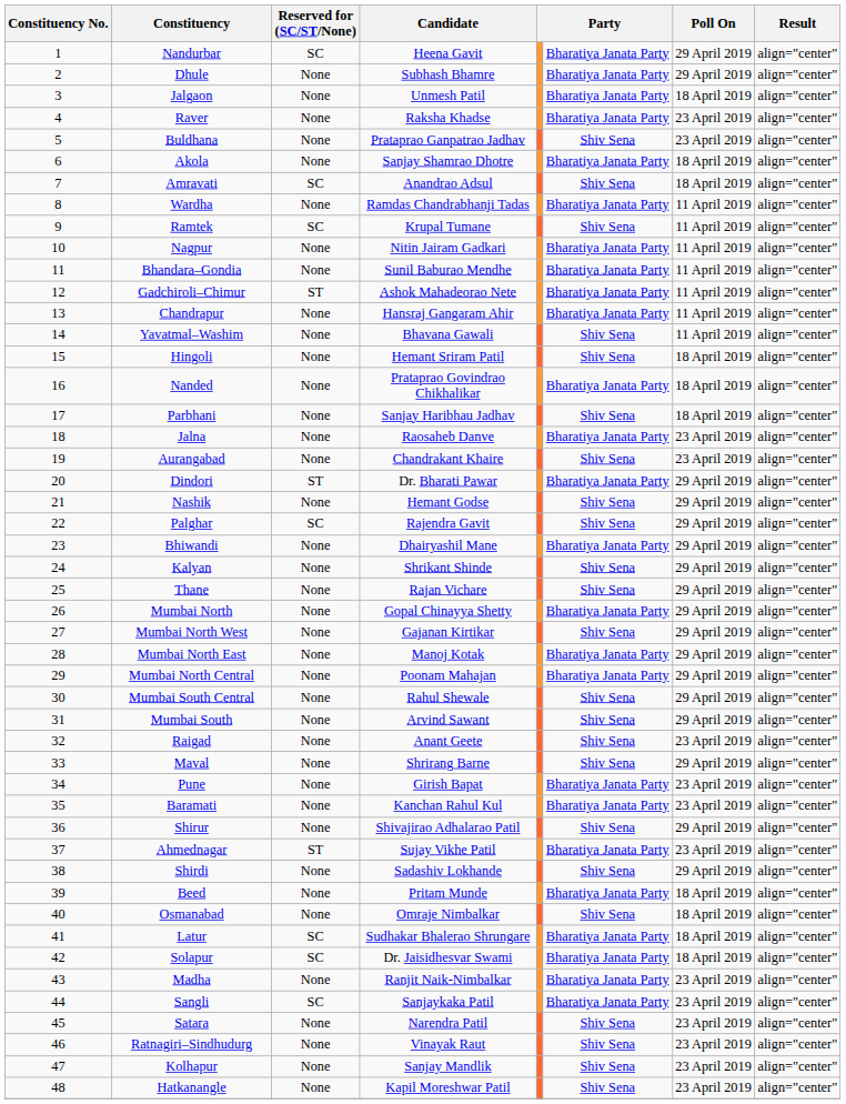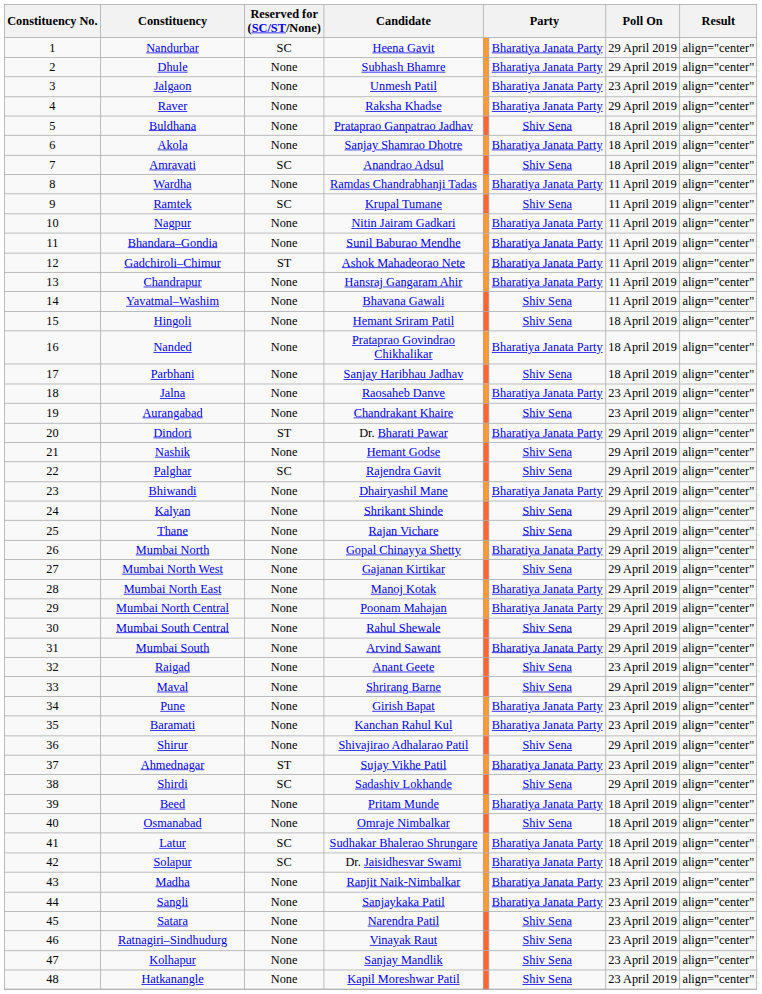 <table class="wikitable sortable" style="text-align:center;">
 <tr>
 <th>Constituency No.</th>
 <th style="width:180px;">Constituency</th>
 <th>Reserved for<br>(<a href='#'>SC/ST</a>/None)</th>
 <th style="width:200px;">Candidate</th>
 <th colspan="2">Party</th>
 <th>Poll On</th>
 <th>Result</th>
 </tr>
 <tr>
 <td align="center">1</td>
 <td><a href='#'>Nandurbar</a></td>
 <td align="center">SC</td>
 <td><a href='#'>Heena Gavit</a></td>
 <td bgcolor=#FF9933></td>
 <td><a href='#'>Bharatiya Janata Party</a></td>
 <td align="center">29 April 2019</td>
 <td>align="center" </td>
 </tr>
 <tr>
 <td align="center">2</td>
 <td><a href='#'>Dhule</a></td>
 <td align="center">None</td>
 <td><a href='#'>Subhash Bhamre</a></td>
 <td bgcolor=#FF9933></td>
 <td><a href='#'>Bharatiya Janata Party</a></td>
 <td align="center">29 April 2019</td>
 <td>align="center" </td>
 </tr>
 <tr>
 <td align="center">3</td>
 <td><a href='#'>Jalgaon</a></td>
 <td align="center">None</td>
 <td><a href='#'>Unmesh Patil</a></td>
 <td bgcolor=#FF9933></td>
 <td><a href='#'>Bharatiya Janata Party</a></td>
-<td align="center">18 April 2019</td>
+<td align="center">23 April 2019</td>
 <td>align="center" </td>
 </tr>
 <tr>
 <td align="center">4</td>
 <td><a href='#'>Raver</a></td>
 <td align="center">None</td>
 <td><a href='#'>Raksha Khadse</a></td>
 <td bgcolor=#FF9933></td>
 <td><a href='#'>Bharatiya Janata Party</a></td>
-<td align="center">23 April 2019</td>
+<td align="center">29 April 2019</td>
 <td>align="center" </td>
 </tr>
 <tr>
 <td align="center">5</td>
 <td><a href='#'>Buldhana</a></td>
 <td align="center">None</td>
 <td><a href='#'>Prataprao Ganpatrao Jadhav</a></td>
 <td bgcolor=#FF6634></td>
 <td><a href='#'>Shiv Sena</a></td>
-<td align="center">23 April 2019</td>
+<td align="center">18 April 2019</td>
 <td>align="center" </td>
 </tr>
 <tr>
 <td align="center">6</td>
 <td><a href='#'>Akola</a></td>
 <td align="center">None</td>
 <td><a href='#'>Sanjay Shamrao Dhotre</a></td>
 <td bgcolor=#FF9933></td>
 <td><a href='#'>Bharatiya Janata Party</a></td>
 <td align="center">18 April 2019</td>
 <td>align="center" </td>
 </tr>
 <tr>
 <td align="center">7</td>
 <td><a href='#'>Amravati</a></td>
 <td align="center">SC</td>
 <td><a href='#'>Anandrao Adsul</a></td>
 <td bgcolor=#FF6634></td>
 <td><a href='#'>Shiv Sena</a></td>
 <td align="center">18 April 2019</td>
 <td>align="center" </td>
 </tr>
 <tr>
 <td align="center">8</td>
 <td><a href='#'>Wardha</a></td>
 <td align="center">None</td>
 <td><a href='#'>Ramdas Chandrabhanji Tadas</a></td>
 <td bgcolor=#FF9933></td>
 <td><a href='#'>Bharatiya Janata Party</a></td>
 <td align="center">11 April 2019</td>
 <td>align="center" </td>
 </tr>
 <tr>
 <td align="center">9</td>
 <td><a href='#'>Ramtek</a></td>
 <td align="center">SC</td>
 <td><a href='#'>Krupal Tumane</a></td>
 <td bgcolor=#FF6634></td>
 <td><a href='#'>Shiv Sena</a></td>
 <td align="center">11 April 2019</td>
 <td>align="center" </td>
 </tr>
 <tr>
 <td align="center">10</td>
 <td><a href='#'>Nagpur</a></td>
 <td align="center">None</td>
 <td><a href='#'>Nitin Jairam Gadkari</a></td>
 <td bgcolor=#FF9933></td>
 <td><a href='#'>Bharatiya Janata Party</a></td>
 <td align="center">11 April 2019</td>
 <td>align="center" </td>
 </tr>
 <tr>
 <td align="center">11</td>
 <td><a href='#'>Bhandara–Gondia</a></td>
 <td align="center">None</td>
 <td><a href='#'>Sunil Baburao Mendhe</a></td>
 <td bgcolor=#FF9933></td>
 <td><a href='#'>Bharatiya Janata Party</a></td>
 <td align="center">11 April 2019</td>
 <td>align="center" </td>
 </tr>
 <tr>
 <td align="center">12</td>
 <td><a href='#'>Gadchiroli–Chimur</a></td>
 <td align="center">ST</td>
 <td><a href='#'>Ashok Mahadeorao Nete</a></td>
 <td bgcolor=#FF9933></td>
 <td><a href='#'>Bharatiya Janata Party</a></td>
 <td align="center">11 April 2019</td>
 <td>align="center" </td>
 </tr>
 <tr>
 <td align="center">13</td>
 <td><a href='#'>Chandrapur</a></td>
 <td align="center">None</td>
 <td><a href='#'>Hansraj Gangaram Ahir</a></td>
 <td bgcolor=#FF9933></td>
 <td><a href='#'>Bharatiya Janata Party</a></td>
 <td align="center">11 April 2019</td>
 <td>align="center" </td>
 </tr>
 <tr>
 <td align="center">14</td>
 <td><a href='#'>Yavatmal–Washim</a></td>
 <td align="center">None</td>
 <td><a href='#'>Bhavana Gawali</a></td>
 <td bgcolor=#FF6634></td>
 <td><a href='#'>Shiv Sena</a></td>
 <td align="center">11 April 2019</td>
 <td>align="center" </td>
 </tr>
 <tr>
 <td align="center">15</td>
 <td><a href='#'>Hingoli</a></td>
 <td align="center">None</td>
 <td><a href='#'>Hemant Sriram Patil</a></td>
 <td bgcolor=#FF6634></td>
 <td><a href='#'>Shiv Sena</a></td>
 <td align="center">18 April 2019</td>
 <td>align="center" </td>
 </tr>
 <tr>
 <td align="center">16</td>
 <td><a href='#'>Nanded</a></td>
 <td align="center">None</td>
 <td><a href='#'>Prataprao Govindrao Chikhalikar</a></td>
 <td bgcolor=#FF9933></td>
 <td><a href='#'>Bharatiya Janata Party</a></td>
 <td align="center">18 April 2019</td>
 <td>align="center" </td>
 </tr>
 <tr>
 <td align="center">17</td>
 <td><a href='#'>Parbhani</a></td>
 <td align="center">None</td>
 <td><a href='#'>Sanjay Haribhau Jadhav</a></td>
 <td bgcolor=#FF6634></td>
 <td><a href='#'>Shiv Sena</a></td>
 <td align="center">18 April 2019</td>
 <td>align="center" </td>
 </tr>
 <tr>
 <td align="center">18</td>
 <td><a href='#'>Jalna</a></td>
 <td align="center">None</td>
 <td><a href='#'>Raosaheb Danve</a></td>
 <td bgcolor=#FF9933></td>
 <td><a href='#'>Bharatiya Janata Party</a></td>
 <td align="center">23 April 2019</td>
 <td>align="center" </td>
 </tr>
 <tr>
 <td align="center">19</td>
 <td><a href='#'>Aurangabad</a></td>
 <td align="center">None</td>
 <td><a href='#'>Chandrakant Khaire</a></td>
 <td bgcolor=#FF6634></td>
 <td><a href='#'>Shiv Sena</a></td>
 <td align="center">23 April 2019</td>
 <td>align="center" </td>
 </tr>
 <tr>
 <td align="center">20</td>
 <td><a href='#'>Dindori</a></td>
 <td align="center">ST</td>
 <td>Dr. <a href='#'>Bharati Pawar</a></td>
 <td bgcolor=#FF9933></td>
 <td><a href='#'>Bharatiya Janata Party</a></td>
 <td align="center">29 April 2019</td>
 <td>align="center" </td>
 </tr>
 <tr>
 <td align="center">21</td>
 <td><a href='#'>Nashik</a></td>
 <td align="center">None</td>
 <td><a href='#'>Hemant Godse</a></td>
 <td bgcolor=#FF6634></td>
 <td><a href='#'>Shiv Sena</a></td>
 <td align="center">29 April 2019</td>
 <td>align="center" </td>
 </tr>
 <tr>
 <td align="center">22</td>
 <td><a href='#'>Palghar</a></td>
 <td align="center">SC</td>
 <td><a href='#'>Rajendra Gavit</a></td>
 <td bgcolor=#FF6634></td>
 <td><a href='#'>Shiv Sena</a></td>
 <td align="center">29 April 2019</td>
 <td>align="center" </td>
 </tr>
 <tr>
 <td align="center">23</td>
 <td><a href='#'>Bhiwandi</a></td>
 <td align="center">None</td>
 <td><a href='#'>Dhairyashil Mane</a></td>
 <td bgcolor=#FF9933></td>
 <td><a href='#'>Bharatiya Janata Party</a></td>
 <td align="center">29 April 2019</td>
 <td>align="center" </td>
 </tr>
 <tr>
 <td align="center">24</td>
 <td><a href='#'>Kalyan</a></td>
 <td align="center">None</td>
 <td><a href='#'>Shrikant Shinde</a></td>
 <td bgcolor=#FF6634></td>
 <td><a href='#'>Shiv Sena</a></td>
 <td align="center">29 April 2019</td>
 <td>align="center" </td>
 </tr>
 <tr>
 <td align="center">25</td>
 <td><a href='#'>Thane</a></td>
 <td align="center">None</td>
 <td><a href='#'>Rajan Vichare</a></td>
 <td bgcolor=#FF6634></td>
 <td><a href='#'>Shiv Sena</a></td>
 <td align="center">29 April 2019</td>
 <td>align="center" </td>
 </tr>
 <tr>
 <td align="center">26</td>
 <td><a href='#'>Mumbai North</a></td>
 <td align="center">None</td>
 <td><a href='#'>Gopal Chinayya Shetty</a></td>
 <td bgcolor=#FF9933></td>
 <td><a href='#'>Bharatiya Janata Party</a></td>
 <td align="center">29 April 2019</td>
 <td>align="center" </td>
 </tr>
 <tr>
 <td align="center">27</td>
 <td><a href='#'>Mumbai North West</a></td>
 <td align="center">None</td>
 <td><a href='#'>Gajanan Kirtikar</a></td>
 <td bgcolor=#FF6634></td>
 <td><a href='#'>Shiv Sena</a></td>
 <td align="center">29 April 2019</td>
 <td>align="center" </td>
 </tr>
 <tr>
 <td align="center">28</td>
 <td><a href='#'>Mumbai North East</a></td>
 <td align="center">None</td>
 <td><a href='#'>Manoj Kotak</a></td>
 <td bgcolor="#FF9933"></td>
 <td><a href='#'>Bharatiya Janata Party</a></td>
 <td align="center">29 April 2019</td>
 <td>align="center" </td>
 </tr>
 <tr>
 <td align="center">29</td>
 <td><a href='#'>Mumbai North Central</a></td>
 <td align="center">None</td>
 <td><a href='#'>Poonam Mahajan</a></td>
 <td bgcolor=#FF9933></td>
 <td><a href='#'>Bharatiya Janata Party</a></td>
 <td align="center">29 April 2019</td>
 <td>align="center" </td>
 </tr>
 <tr>
 <td align="center">30</td>
 <td><a href='#'>Mumbai South Central</a></td>
 <td align="center">None</td>
 <td><a href='#'>Rahul Shewale</a></td>
 <td bgcolor=#FF6634></td>
 <td><a href='#'>Shiv Sena</a></td>
 <td align="center">29 April 2019</td>
 <td>align="center" </td>
 </tr>
 <tr>
 <td align="center">31</td>
 <td><a href='#'>Mumbai South</a></td>
 <td align="center">None</td>
 <td><a href='#'>Arvind Sawant</a></td>
 <td bgcolor=#FF6634></td>
-<td><a href='#'>Shiv Sena</a></td>
+<td><a href='#'>Bharatiya Janata Party</a></td>
 <td align="center">29 April 2019</td>
 <td>align="center" </td>
 </tr>
 <tr>
 <td align="center">32</td>
 <td><a href='#'>Raigad</a></td>
 <td align="center">None</td>
 <td><a href='#'>Anant Geete</a></td>
 <td bgcolor=#FF6634></td>
 <td><a href='#'>Shiv Sena</a></td>
 <td align="center">23 April 2019</td>
 <td>align="center" </td>
 </tr>
 <tr>
 <td align="center">33</td>
 <td><a href='#'>Maval</a></td>
 <td align="center">None</td>
 <td><a href='#'>Shrirang Barne</a></td>
 <td bgcolor=#FF6634></td>
 <td><a href='#'>Shiv Sena</a></td>
 <td align="center">29 April 2019</td>
 <td>align="center" </td>
 </tr>
 <tr>
 <td align="center">34</td>
 <td><a href='#'>Pune</a></td>
 <td align="center">None</td>
 <td><a href='#'>Girish Bapat</a></td>
 <td bgcolor=#FF9933></td>
 <td><a href='#'>Bharatiya Janata Party</a></td>
 <td align="center">23 April 2019</td>
 <td>align="center" </td>
 </tr>
 <tr>
 <td align="center">35</td>
 <td><a href='#'>Baramati</a></td>
 <td align="center">None</td>
 <td><a href='#'>Kanchan Rahul Kul</a></td>
 <td bgcolor=#FF9933></td>
 <td><a href='#'>Bharatiya Janata Party</a></td>
 <td align="center">23 April 2019</td>
 <td>align="center" </td>
 </tr>
 <tr>
 <td align="center">36</td>
 <td><a href='#'>Shirur</a></td>
 <td align="center">None</td>
 <td><a href='#'>Shivajirao Adhalarao Patil</a></td>
 <td bgcolor=#FF6634></td>
 <td><a href='#'>Shiv Sena</a></td>
 <td align="center">29 April 2019</td>
 <td>align="center" </td>
 </tr>
 <tr>
 <td align="center">37</td>
 <td><a href='#'>Ahmednagar</a></td>
 <td align="center">ST</td>
 <td><a href='#'>Sujay Vikhe Patil</a></td>
 <td bgcolor=#FF9933></td>
 <td><a href='#'>Bharatiya Janata Party</a></td>
 <td align="center">23 April 2019</td>
 <td>align="center" </td>
 </tr>
 <tr>
 <td align="center">38</td>
 <td><a href='#'>Shirdi</a></td>
-<td align="center">None</td>
+<td align="center">SC</td>
 <td><a href='#'>Sadashiv Lokhande</a></td>
 <td bgcolor=#FF6634></td>
 <td><a href='#'>Shiv Sena</a></td>
 <td align="center">29 April 2019</td>
 <td>align="center" </td>
 </tr>
 <tr>
 <td align="center">39</td>
 <td><a href='#'>Beed</a></td>
 <td align="center">None</td>
 <td><a href='#'>Pritam Munde</a></td>
 <td bgcolor=#FF9933></td>
 <td><a href='#'>Bharatiya Janata Party</a></td>
 <td align="center">18 April 2019</td>
 <td>align="center" </td>
 </tr>
 <tr>
 <td align="center">40</td>
 <td><a href='#'>Osmanabad</a></td>
 <td align="center">None</td>
 <td><a href='#'>Omraje Nimbalkar</a></td>
 <td bgcolor=#FF6634></td>
 <td><a href='#'>Shiv Sena</a></td>
 <td align="center">18 April 2019</td>
 <td>align="center" </td>
 </tr>
 <tr>
 <td align="center">41</td>
 <td><a href='#'>Latur</a></td>
 <td align="center">SC</td>
 <td><a href='#'>Sudhakar Bhalerao Shrungare</a></td>
 <td bgcolor=#FF9933></td>
 <td><a href='#'>Bharatiya Janata Party</a></td>
 <td align="center">18 April 2019</td>
 <td>align="center" </td>
 </tr>
 <tr>
 <td align="center">42</td>
 <td><a href='#'>Solapur</a></td>
 <td align="center">SC</td>
 <td>Dr. <a href='#'>Jaisidhesvar Swami</a></td>
 <td bgcolor=#FF9933></td>
 <td><a href='#'>Bharatiya Janata Party</a></td>
 <td align="center">18 April 2019</td>
 <td>align="center" </td>
 </tr>
 <tr>
 <td align="center">43</td>
 <td><a href='#'>Madha</a></td>
 <td align="center">None</td>
 <td><a href='#'>Ranjit Naik-Nimbalkar</a></td>
 <td bgcolor="#FF9933"></td>
 <td><a href='#'>Bharatiya Janata Party</a></td>
 <td align="center">23 April 2019</td>
 <td>align="center" </td>
 </tr>
 <tr>
 <td align="center">44</td>
 <td><a href='#'>Sangli</a></td>
-<td align="center">SC</td>
+<td align="center">None</td>
 <td><a href='#'>Sanjaykaka Patil</a></td>
 <td bgcolor=#FF9933></td>
 <td><a href='#'>Bharatiya Janata Party</a></td>
 <td align="center">23 April 2019</td>
 <td>align="center" </td>
 </tr>
 <tr>
 <td align="center">45</td>
 <td><a href='#'>Satara</a></td>
 <td align="center">None</td>
 <td><a href='#'>Narendra Patil</a></td>
 <td bgcolor=#FF6634></td>
 <td><a href='#'>Shiv Sena</a></td>
 <td align="center">23 April 2019</td>
 <td>align="center" </td>
 </tr>
 <tr>
 <td align="center">46</td>
 <td><a href='#'>Ratnagiri–Sindhudurg</a></td>
 <td align="center">None</td>
 <td><a href='#'>Vinayak Raut</a></td>
 <td bgcolor=#FF6634></td>
 <td><a href='#'>Shiv Sena</a></td>
 <td align="center">23 April 2019</td>
 <td>align="center" </td>
 </tr>
 <tr>
 <td align="center">47</td>
 <td><a href='#'>Kolhapur</a></td>
 <td align="center">None</td>
 <td><a href='#'>Sanjay Mandlik</a></td>
 <td bgcolor=#FF6634></td>
 <td><a href='#'>Shiv Sena</a></td>
 <td align="center">23 April 2019</td>
 <td>align="center" </td>
 </tr>
 <tr>
 <td align="center">48</td>
 <td><a href='#'>Hatkanangle</a></td>
 <td align="center">None</td>
 <td><a href='#'>Kapil Moreshwar Patil</a></td>
 <td bgcolor=#FF6634></td>
 <td><a href='#'>Shiv Sena</a></td>
 <td align="center">23 April 2019</td>
 <td>align="center" </td>
 </tr>
 <tr>
 </tr>
 </table>
